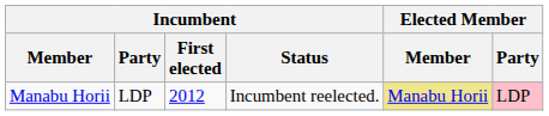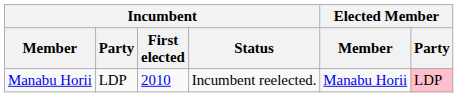 <table class="wikitable sortable">
 <tr>
 <th colspan=4>Incumbent</th>
 <th colspan=2>Elected Member</th>
 </tr>
 <tr>
 <th>Member</th>
 <th>Party</th>
 <th>First<br>elected</th>
 <th>Status</th>
 <th>Member</th>
 <th>Party</th>
 </tr>
 <tr>
 <td><a href='#'>Manabu Horii</a></td>
 <td>LDP</td>
-<td><a href='#'>2012</a></td>
+<td><a href='#'>2010</a></td>
 <td>Incumbent reelected.</td>
-<td style="background: khaki;"><a href='#'>Manabu Horii</a></td>
+<td><a href='#'>Manabu Horii</a></td>
 <td style="background: pink;">LDP</td>
 </tr>
 </table>
